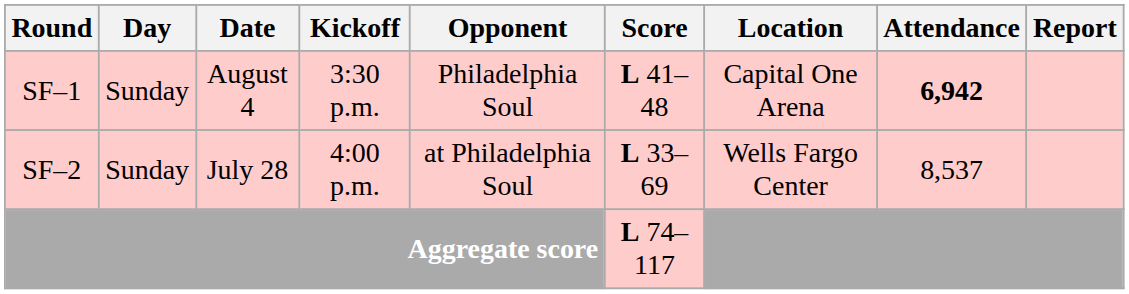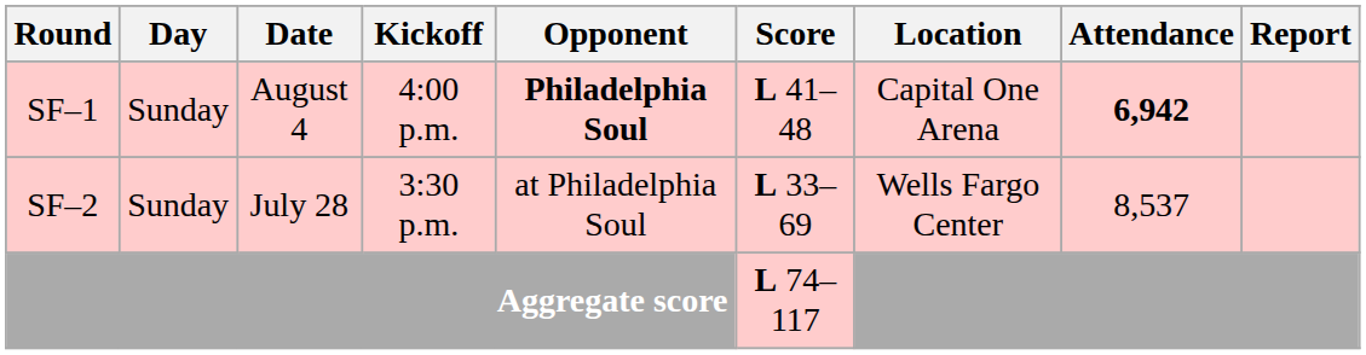 <table class="wikitable" style="text-align:center; font-size: 95%;">
 <tr>
 <th>Round</th>
 <th>Day</th>
 <th>Date</th>
 <th>Kickoff</th>
 <th>Opponent</th>
 <th>Score</th>
 <th>Location</th>
 <th>Attendance</th>
 <th>Report</th>
 </tr>
 <tr bgcolor="#ffcccc">
 <td>SF–1</td>
 <td>Sunday</td>
 <td>August 4</td>
-<td>3:30 p.m.</td>
-<td>Philadelphia Soul</td>
+<td>4:00 p.m.</td>
+<td><strong>Philadelphia Soul</strong></td>
 <td><strong>L</strong> 41–48</td>
 <td>Capital One Arena</td>
 <td><strong>6,942</strong></td>
 <td></td>
 </tr>
 <tr bgcolor="#ffcccc">
 <td>SF–2</td>
 <td>Sunday</td>
 <td>July 28</td>
-<td>4:00 p.m.</td>
+<td>3:30 p.m.</td>
 <td>at Philadelphia Soul</td>
 <td><strong>L</strong> 33–69</td>
 <td>Wells Fargo Center</td>
 <td>8,537</td>
 <td></td>
 </tr>
 <tr>
 <td colspan=5 style="color:white; background:#aaaaaa; text-align:right"><strong>Aggregate score</strong></td>
 <td style="background:#ffcccc"><strong>L</strong> 74–117</td>
 <td colspan=3 style="background:#aaaaaa; color:white"></td>
 </tr>
 </table>
